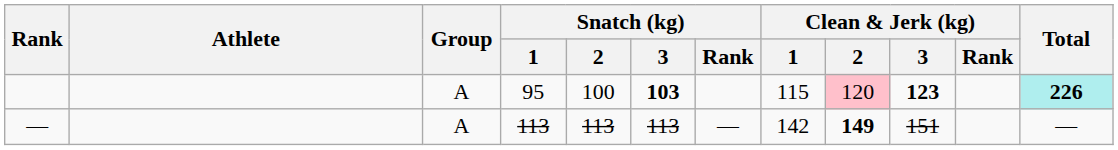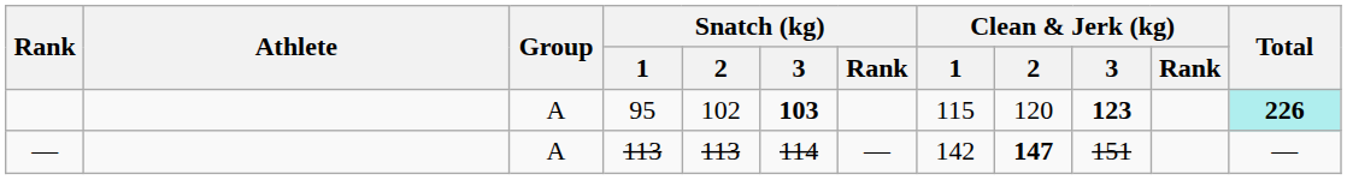 <table class = "wikitable" style="text-align:center;">
 <tr>
 <th rowspan=2 width=40>Rank</th>
 <th rowspan=2 width=250>Athlete</th>
 <th rowspan=2 width=50>Group</th>
 <th colspan=4>Snatch (kg)</th>
 <th colspan=4>Clean & Jerk (kg)</th>
 <th rowspan=2 width=60>Total</th>
 </tr>
 <tr>
 <th width=40>1</th>
 <th width=40>2</th>
 <th width=40>3</th>
 <th width=40>Rank</th>
 <th width=40>1</th>
 <th width=40>2</th>
 <th width=40>3</th>
 <th width=40>Rank</th>
 </tr>
 <tr>
 <td></td>
 <td align=left></td>
 <td>A</td>
 <td>95</td>
-<td>100</td>
+<td>102</td>
 <td><strong>103</strong></td>
 <td></td>
 <td>115</td>
-<td style="background: pink;">120</td>
+<td>120</td>
 <td><strong>123</strong></td>
 <td></td>
 <td style="background: paleturquoise;"><strong>226</strong></td>
 </tr>
 <tr>
 <td>—</td>
 <td align=left></td>
 <td>A</td>
 <td><s>113</s></td>
 <td><s>113</s></td>
-<td><s>113</s></td>
+<td><s>114</s></td>
 <td>—</td>
 <td>142</td>
-<td><strong>149</strong></td>
+<td><strong>147</strong></td>
 <td><s>151</s></td>
 <td></td>
 <td>—</td>
 </tr>
 </table>
